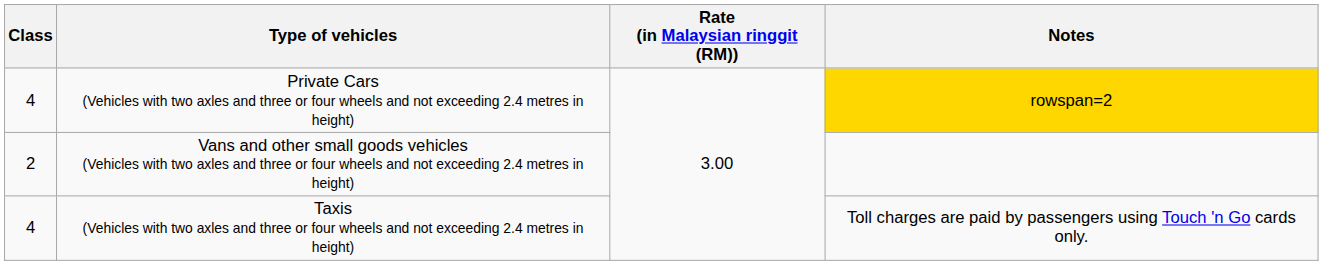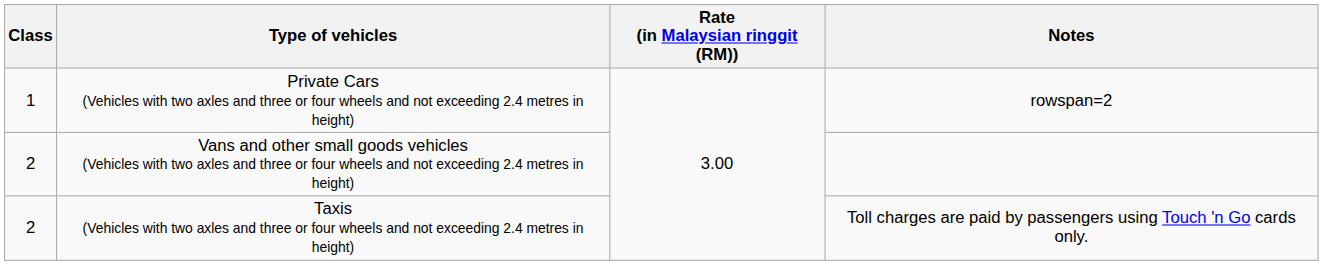 <table class=wikitable style="margin:0 auto;text-align:center">
 <tr>
 <th>Class</th>
 <th>Type of vehicles</th>
 <th>Rate<br>(in <a href='#'>Malaysian ringgit</a> (RM))</th>
 <th>Notes</th>
 </tr>
 <tr>
-<td>4</td>
+<td>1</td>
 <td>Private Cars<br><small>(Vehicles with two axles and three or four wheels and not exceeding 2.4 metres in height)</small></td>
 <td rowspan=3>3.00</td>
-<td style="background: gold;">rowspan=2 </td>
+<td>rowspan=2 </td>
 </tr>
 <tr>
 <td>2</td>
 <td>Vans and other small goods vehicles<br><small>(Vehicles with two axles and three or four wheels and not exceeding 2.4 metres in height)</small></td>
 </tr>
 <tr>
-<td>4</td>
+<td>2</td>
 <td>Taxis<br><small>(Vehicles with two axles and three or four wheels and not exceeding 2.4 metres in height)</small></td>
 <td>Toll charges are paid by passengers using <a href='#'>Touch 'n Go</a> cards only.</td>
 </tr>
 </table>
